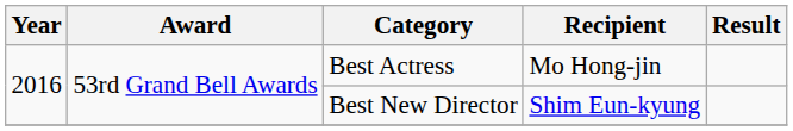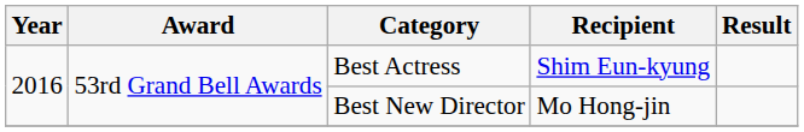 <table class="wikitable">
 <tr>
 <th>Year</th>
 <th>Award</th>
 <th>Category</th>
 <th>Recipient</th>
 <th>Result</th>
 </tr>
 <tr>
 <td rowspan="2">2016</td>
 <td rowspan=2>53rd <a href='#'>Grand Bell Awards</a></td>
 <td>Best Actress</td>
-<td>Mo Hong-jin</td>
+<td><a href='#'>Shim Eun-kyung</a></td>
 <td></td>
 </tr>
 <tr>
 <td>Best New Director</td>
-<td><a href='#'>Shim Eun-kyung</a></td>
+<td>Mo Hong-jin</td>
 <td></td>
 </tr>
 <tr>
 </tr>
 </table>
